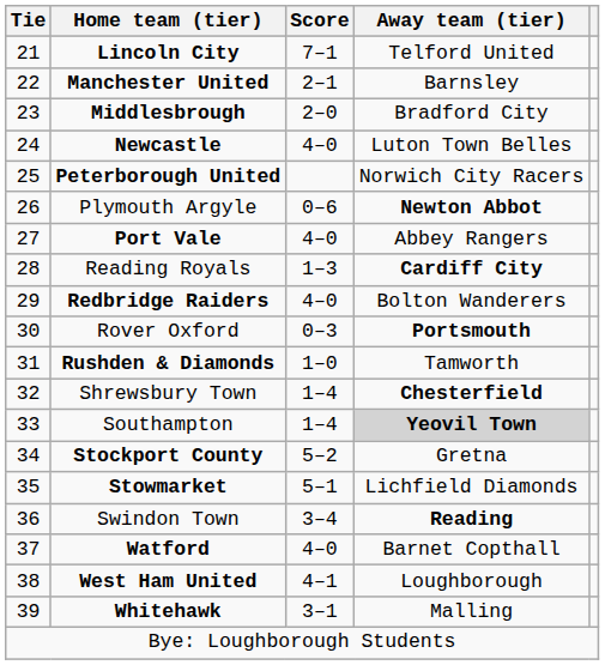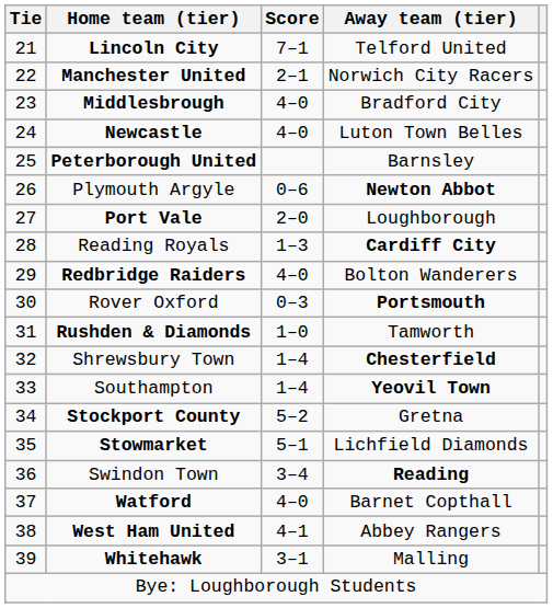 <table class="wikitable" style="text-align:center; font-size:85%">
 <tr>
 <th>Tie</th>
 <th>Home team (tier)</th>
 <th>Score</th>
 <th>Away team (tier)</th>
 <th></th>
 </tr>
 <tr>
 <td align="center">21</td>
 <td><strong>Lincoln City</strong></td>
 <td align="center">7–1</td>
 <td>Telford United</td>
 <td></td>
 </tr>
 <tr>
 <td align="center">22</td>
 <td><strong>Manchester United</strong></td>
 <td align="center">2–1</td>
-<td>Barnsley</td>
+<td>Norwich City Racers</td>
 <td></td>
 </tr>
 <tr>
 <td align="center">23</td>
 <td><strong>Middlesbrough</strong></td>
-<td align="center">2–0</td>
+<td align="center">4–0</td>
 <td>Bradford City</td>
 <td></td>
 </tr>
 <tr>
 <td align="center">24</td>
 <td><strong>Newcastle</strong></td>
 <td align="center">4–0</td>
 <td>Luton Town Belles</td>
 <td></td>
 </tr>
 <tr>
 <td align="center">25</td>
 <td><strong>Peterborough United</strong></td>
 <td align="center"></td>
-<td>Norwich City Racers</td>
+<td>Barnsley</td>
 <td></td>
 </tr>
 <tr>
 <td align="center">26</td>
 <td>Plymouth Argyle</td>
 <td align="center">0–6</td>
 <td><strong>Newton Abbot</strong></td>
 <td></td>
 </tr>
 <tr>
 <td align="center">27</td>
 <td><strong>Port Vale</strong></td>
-<td align="center">4–0</td>
-<td>Abbey Rangers</td>
+<td align="center">2–0</td>
+<td>Loughborough</td>
 <td></td>
 </tr>
 <tr>
 <td align="center">28</td>
 <td>Reading Royals</td>
 <td align="center">1–3</td>
 <td><strong>Cardiff City</strong></td>
 <td></td>
 </tr>
 <tr>
 <td align="center">29</td>
 <td><strong>Redbridge Raiders</strong></td>
 <td align="center">4–0</td>
 <td>Bolton Wanderers</td>
 <td></td>
 </tr>
 <tr>
 <td align="center">30</td>
 <td>Rover Oxford</td>
 <td align="center">0–3</td>
 <td><strong>Portsmouth</strong></td>
 <td></td>
 </tr>
 <tr>
 <td align="center">31</td>
 <td><strong>Rushden & Diamonds</strong></td>
 <td align="center">1–0</td>
 <td>Tamworth</td>
 <td></td>
 </tr>
 <tr>
 <td align="center">32</td>
 <td>Shrewsbury Town</td>
 <td align="center">1–4</td>
 <td><strong>Chesterfield</strong></td>
 <td></td>
 </tr>
 <tr>
 <td align="center">33</td>
 <td>Southampton</td>
 <td align="center">1–4</td>
-<td style="background: lightgrey;"><strong>Yeovil Town</strong></td>
+<td><strong>Yeovil Town</strong></td>
 <td></td>
 </tr>
 <tr>
 <td align="center">34</td>
 <td><strong>Stockport County</strong></td>
 <td align="center">5–2</td>
 <td>Gretna</td>
 <td></td>
 </tr>
 <tr>
 <td align="center">35</td>
 <td><strong>Stowmarket</strong></td>
 <td align="center">5–1</td>
 <td>Lichfield Diamonds</td>
 <td></td>
 </tr>
 <tr>
 <td align="center">36</td>
 <td>Swindon Town</td>
 <td align="center">3–4</td>
 <td><strong>Reading</strong></td>
 <td></td>
 </tr>
 <tr>
 <td align="center">37</td>
 <td><strong>Watford</strong></td>
 <td align="center">4–0</td>
 <td>Barnet Copthall</td>
 <td></td>
 </tr>
 <tr>
 <td align="center">38</td>
 <td><strong>West Ham United</strong></td>
 <td align="center">4–1</td>
-<td>Loughborough</td>
+<td>Abbey Rangers</td>
 <td></td>
 </tr>
 <tr>
 <td align="center">39</td>
 <td><strong>Whitehawk</strong></td>
 <td align="center">3–1</td>
 <td>Malling</td>
 <td></td>
 </tr>
 <tr>
 <td colspan="5" align="center">Bye: Loughborough Students</td>
 </tr>
 </table>
